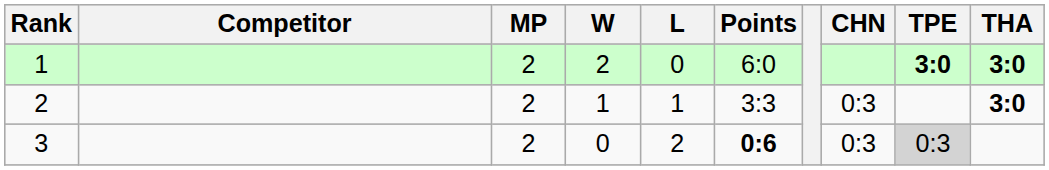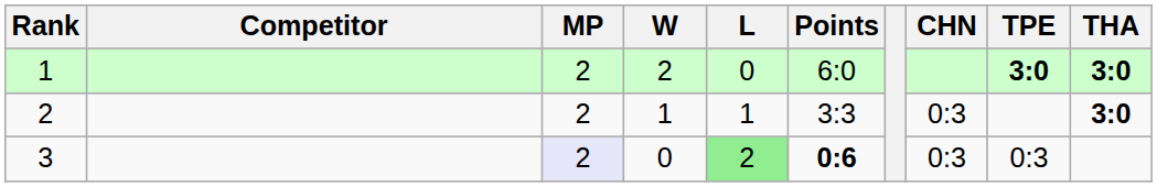 <table class="wikitable" style="text-align:center">
 <tr>
 <th>Rank</th>
 <th style="width:16em">Competitor</th>
 <th style="width:2.5em">MP</th>
 <th style="width:2.5em">W</th>
 <th style="width:2.5em">L</th>
 <th>Points</th>
 <th rowspan="4"> </th>
 <th style="width:2.5em">CHN</th>
 <th style="width:2.5em">TPE</th>
 <th style="width:2.5em">THA</th>
 </tr>
 <tr style="background:#cfc;">
 <td>1</td>
 <td style="text-align:left"></td>
 <td>2</td>
 <td>2</td>
 <td>0</td>
 <td>6:0</td>
 <td></td>
 <td><strong>3:0</strong></td>
 <td><strong>3:0</strong></td>
 </tr>
 <tr>
 <td>2</td>
 <td style="text-align:left"></td>
 <td>2</td>
 <td>1</td>
 <td>1</td>
 <td>3:3</td>
 <td>0:3</td>
 <td></td>
 <td><strong>3:0</strong></td>
 </tr>
 <tr>
 <td>3</td>
 <td style="text-align:left"></td>
-<td>2</td>
+<td style="background: lavender;">2</td>
 <td>0</td>
-<td>2</td>
+<td style="background: lightgreen;">2</td>
 <td><strong>0:6</strong></td>
 <td>0:3</td>
-<td style="background: lightgrey;">0:3</td>
+<td>0:3</td>
 <td></td>
 </tr>
 </table>
